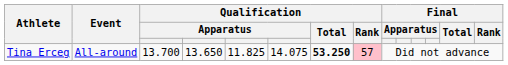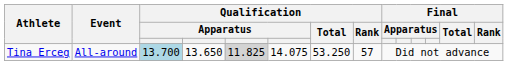 <table class="wikitable" style="font-size:90%">
 <tr>
 <th rowspan=3>Athlete</th>
 <th rowspan=3>Event</th>
 <th colspan=6>Qualification</th>
 <th colspan=6>Final</th>
 </tr>
 <tr style="font-size:95%">
 <th colspan=4>Apparatus</th>
 <th rowspan=2>Total</th>
 <th rowspan=2>Rank</th>
 <th colspan=4>Apparatus</th>
 <th rowspan=2>Total</th>
 <th rowspan=2>Rank</th>
 </tr>
 <tr style="font-size:95%">
 <th></th>
 <th></th>
 <th></th>
 <th></th>
 <th></th>
 <th></th>
 <th></th>
 <th></th>
 </tr>
 <tr align=center>
 <td align=left><a href='#'>Tina Erceg</a></td>
 <td align=left><a href='#'>All-around</a></td>
-<td>13.700</td>
+<td style="background: lightblue;">13.700</td>
 <td>13.650</td>
-<td>11.825</td>
+<td style="background: lightgrey;">11.825</td>
 <td>14.075</td>
-<td><strong>53.250</strong></td>
-<td style="background: pink;">57</td>
+<td>53.250</td>
+<td>57</td>
 <td colspan=6>Did not advance</td>
 </tr>
 </table>
